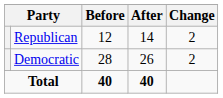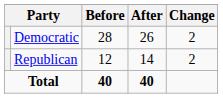 <table class="wikitable" style="text-align:center;">
 <tr>
 </tr>
 <tr>
 <th colspan=2>Party</th>
 <th>Before</th>
 <th>After</th>
 <th>Change</th>
 </tr>
 <tr>
 <th style="background-color:"></th>
-<td style="text-align:left;"><a href='#'>Republican</a></td>
-<td>12</td>
-<td>14</td>
+<td style="text-align:left;"><a href='#'>Democratic</a></td>
+<td>28</td>
+<td>26</td>
 <td> 2</td>
 </tr>
 <tr>
 <th style="background-color:"></th>
-<td style="text-align:left;"><a href='#'>Democratic</a></td>
-<td>28</td>
-<td>26</td>
+<td style="text-align:left;"><a href='#'>Republican</a></td>
+<td>12</td>
+<td>14</td>
 <td> 2</td>
 </tr>
 <tr>
 <td colspan=2><strong>Total</strong></td>
 <td><strong>40</strong></td>
 <td><strong>40</strong></td>
 <td></td>
 </tr>
 </table>
